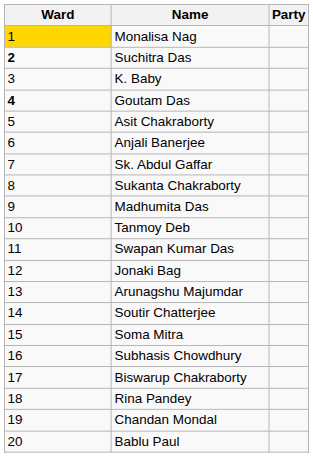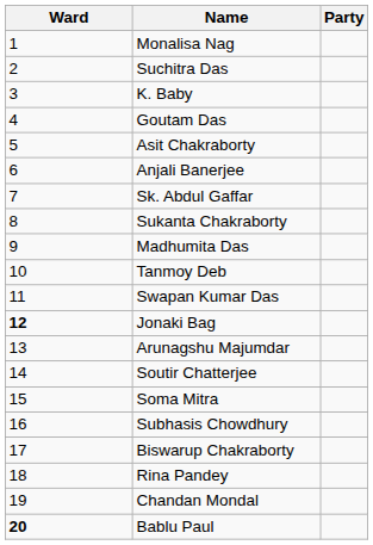 <table class="wikitable sortable">
 <tr>
 <th style="width:120px">Ward</th>
 <th style="width:180px">Name</th>
 <th colspan=2>Party</th>
 </tr>
 <tr>
-<td style="background: gold;">1</td>
+<td>1</td>
 <td>Monalisa Nag</td>
 <td></td>
 </tr>
 <tr>
-<td><strong>2</strong></td>
+<td>2</td>
 <td>Suchitra Das</td>
 <td></td>
 </tr>
 <tr>
 <td>3</td>
 <td>K. Baby</td>
 <td></td>
 </tr>
 <tr>
-<td><strong>4</strong></td>
+<td>4</td>
 <td>Goutam Das</td>
 <td></td>
 </tr>
 <tr>
 <td>5</td>
 <td>Asit Chakraborty</td>
 <td></td>
 </tr>
 <tr>
 <td>6</td>
 <td>Anjali Banerjee</td>
 <td></td>
 </tr>
 <tr>
 <td>7</td>
 <td>Sk. Abdul Gaffar</td>
 <td></td>
 </tr>
 <tr>
 <td>8</td>
 <td>Sukanta Chakraborty</td>
 <td></td>
 </tr>
 <tr>
 <td>9</td>
 <td>Madhumita Das</td>
 <td></td>
 </tr>
 <tr>
 <td>10</td>
 <td>Tanmoy Deb</td>
 <td></td>
 </tr>
 <tr>
 <td>11</td>
 <td>Swapan Kumar Das</td>
 <td></td>
 </tr>
 <tr>
-<td>12</td>
+<td><strong>12</strong></td>
 <td>Jonaki Bag</td>
 <td></td>
 </tr>
 <tr>
 <td>13</td>
 <td>Arunagshu Majumdar</td>
 <td></td>
 </tr>
 <tr>
 <td>14</td>
 <td>Soutir Chatterjee</td>
 <td></td>
 </tr>
 <tr>
 <td>15</td>
 <td>Soma Mitra</td>
 <td></td>
 </tr>
 <tr>
 <td>16</td>
 <td>Subhasis Chowdhury</td>
 <td></td>
 </tr>
 <tr>
 <td>17</td>
 <td>Biswarup Chakraborty</td>
 <td></td>
 </tr>
 <tr>
 <td>18</td>
 <td>Rina Pandey</td>
 <td></td>
 </tr>
 <tr>
 <td>19</td>
 <td>Chandan Mondal</td>
 <td></td>
 </tr>
 <tr>
-<td>20</td>
+<td><strong>20</strong></td>
 <td>Bablu Paul</td>
 <td></td>
 </tr>
 </table>
